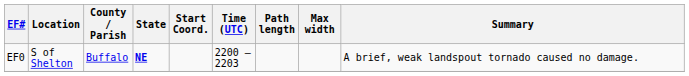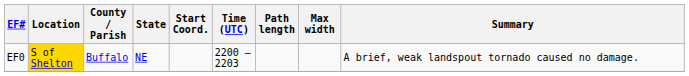 <table class="wikitable sortable" style="width:100%;">
 <tr>
 <th scope="col"  style="width:3%; text-align:center;"><a href='#'>EF#</a></th>
 <th scope="col"  style="width:7%; text-align:center;" class="unsortable">Location</th>
 <th scope="col"  style="width:6%; text-align:center;" class="unsortable">County / Parish</th>
 <th scope="col"  style="width:5%; text-align:center;">State</th>
 <th scope="col"  style="width:6%; text-align:center;">Start Coord.</th>
 <th scope="col"  style="width:6%; text-align:center;">Time (<a href='#'>UTC</a>)</th>
 <th scope="col"  style="width:6%; text-align:center;">Path length</th>
 <th scope="col"  style="width:6%; text-align:center;">Max width</th>
 <th scope="col" class="unsortable" style="width:48%; text-align:center;">Summary</th>
 </tr>
 <tr>
 <td>EF0</td>
-<td>S of <a href='#'>Shelton</a></td>
+<td style="background: gold;">S of <a href='#'>Shelton</a></td>
 <td><a href='#'>Buffalo</a></td>
-<td><strong><a href='#'>NE</a></strong></td>
+<td><a href='#'>NE</a></td>
 <td></td>
 <td>2200 – 2203</td>
 <td></td>
 <td></td>
 <td>A brief, weak landspout tornado caused no damage.</td>
 </tr>
 <tr>
 </tr>
 </table>
